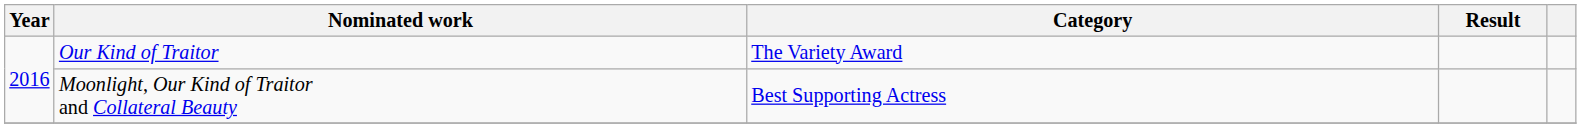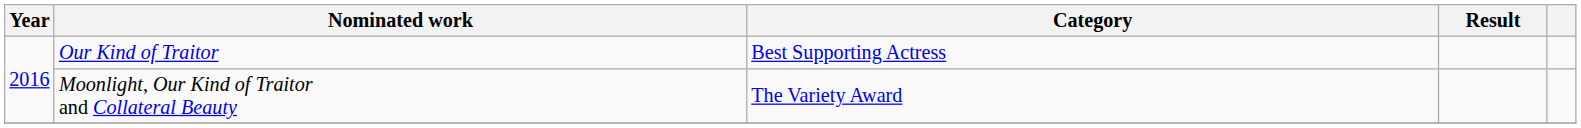 <table class="wikitable">
 <tr>
 <th scope="col" style="width:1em;">Year</th>
 <th scope="col" style="width:35em;">Nominated work</th>
 <th scope="col" style="width:35em;">Category</th>
 <th scope="col" style="width:5em;">Result</th>
 <th scope="col" style="width:1em;"></th>
 </tr>
 <tr>
 <td rowspan="2"><a href='#'>2016</a></td>
 <td><em><a href='#'>Our Kind of Traitor</a></em></td>
-<td><a href='#'>The Variety Award</a></td>
+<td><a href='#'>Best Supporting Actress</a></td>
 <td></td>
 <td></td>
 </tr>
 <tr>
 <td><em>Moonlight</em>, <em>Our Kind of Traitor</em><br>and <em><a href='#'>Collateral Beauty</a></em></td>
-<td><a href='#'>Best Supporting Actress</a></td>
+<td><a href='#'>The Variety Award</a></td>
 <td></td>
 <td></td>
 </tr>
 <tr>
 </tr>
 </table>
